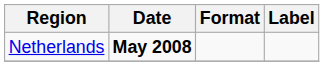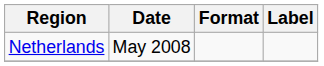 <table class=wikitable>
 <tr>
 <th>Region</th>
 <th>Date</th>
 <th>Format</th>
 <th>Label</th>
 </tr>
 <tr>
 <td><a href='#'>Netherlands</a></td>
-<td><strong>May 2008</strong></td>
+<td>May 2008</td>
 <td></td>
 <td></td>
 </tr>
 <tr>
 </tr>
 </table>
